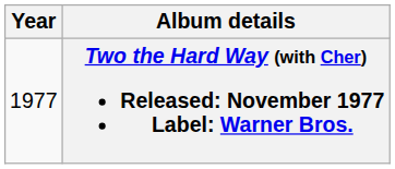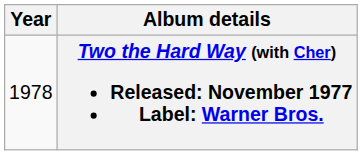 <table class="wikitable plainrowheaders" style="text-align:center;" border="1">
 <tr>
 <th scope="col">Year</th>
 <th scope="col">Album details</th>
 </tr>
 <tr>
-<td align="center">1977</td>
+<td align="center">1978</td>
 <th scope="row"><em><a href='#'>Two the Hard Way</a></em> <small>(with <a href='#'>Cher</a>)</small><br><ul><li>Released: November 1977</li><li>Label: <a href='#'>Warner Bros.</a></li></ul></th>
 </tr>
 </table>
